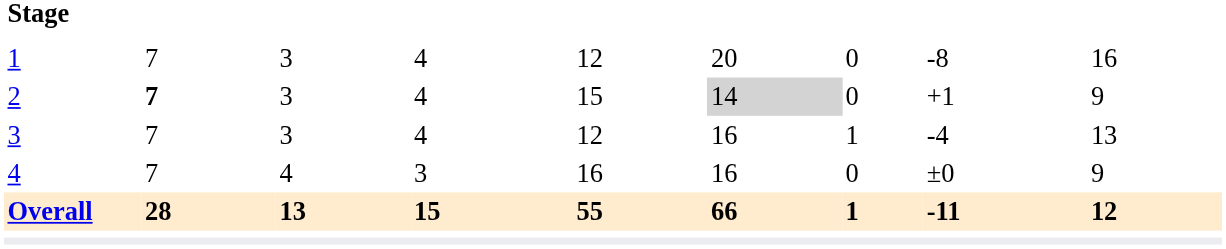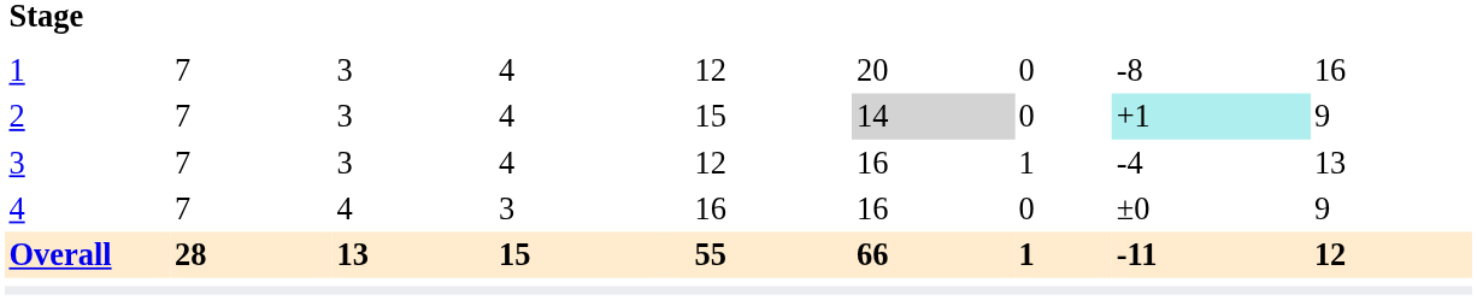 <table class="toccolours" border=0 cellpadding="2" cellspacing="0" style="font-size:95%; text-align:left; width:700px;">
 <tr align="left" style="background:#">
 <th style="width:75px">Stage</th>
 <th></th>
 <th></th>
 <th></th>
 <th></th>
 <th></th>
 <th></th>
 <th></th>
 <th></th>
 <th></th>
 </tr>
 <tr>
 <td colspan = "10"></td>
 </tr>
 <tr>
 </tr>
 <tr style="">
 <td><a href='#'>1</a></td>
 <td>7</td>
 <td>3</td>
 <td>4</td>
 <td></td>
 <td>12</td>
 <td>20</td>
 <td>0</td>
 <td>-8</td>
 <td>16</td>
 </tr>
 <tr>
 <td><a href='#'>2</a></td>
-<td><strong>7</strong></td>
+<td>7</td>
 <td>3</td>
 <td>4</td>
 <td></td>
 <td>15</td>
 <td style="background: lightgrey;">14</td>
 <td>0</td>
-<td>+1</td>
+<td style="background: paleturquoise;">+1</td>
 <td>9</td>
 </tr>
 <tr>
 <td><a href='#'>3</a></td>
 <td>7</td>
 <td>3</td>
 <td>4</td>
 <td></td>
 <td>12</td>
 <td>16</td>
 <td>1</td>
 <td>-4</td>
 <td>13</td>
 </tr>
 <tr>
 <td><a href='#'>4</a></td>
 <td>7</td>
 <td>4</td>
 <td>3</td>
 <td></td>
 <td>16</td>
 <td>16</td>
 <td>0</td>
 <td>±0</td>
 <td>9</td>
 </tr>
 <tr style="background-color:#ffebcd;">
 <th><a href='#'>Overall</a></th>
 <th>28</th>
 <th>13</th>
 <th>15</th>
 <th></th>
 <th>55</th>
 <th>66</th>
 <th>1</th>
 <th>-11</th>
 <th>12</th>
 </tr>
 <tr>
 <td colspan="10"></td>
 </tr>
 <tr align="left" style="background:#EAECF0; color:#000;">
 <td colspan="10" style="text-align:center;"> </td>
 </tr>
 </table>
